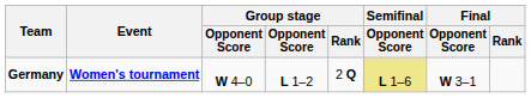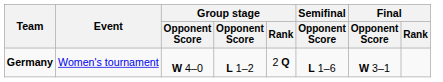 <table class="wikitable" style="font-size:90%">
 <tr>
 <th rowspan=2>Team</th>
 <th rowspan=2>Event</th>
 <th colspan=3>Group stage</th>
 <th>Semifinal</th>
 <th colspan=2>Final</th>
 </tr>
 <tr style="font-size:95%">
 <th>Opponent<br>Score</th>
 <th>Opponent<br>Score</th>
 <th>Rank</th>
 <th>Opponent<br>Score</th>
 <th>Opponent<br>Score</th>
 <th>Rank</th>
 </tr>
 <tr align=center>
 <td align=left><strong>Germany</strong></td>
-<td align=left><strong><a href='#'>Women's tournament</a></strong></td>
+<td align=left><a href='#'>Women's tournament</a></td>
 <td><br><strong>W</strong> 4–0</td>
 <td><br><strong>L</strong> 1–2</td>
 <td>2 <strong>Q</strong></td>
-<td style="background: khaki;"><br><strong>L</strong> 1–6</td>
+<td><br><strong>L</strong> 1–6</td>
 <td><br><strong>W</strong> 3–1</td>
 <td></td>
 </tr>
 </table>
